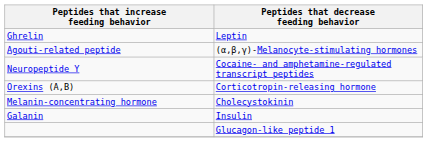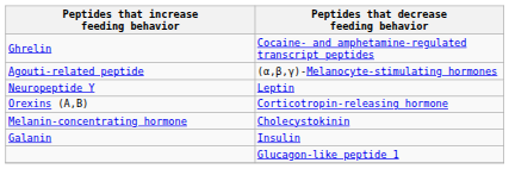 <table class="wikitable sortable" style="width:40%; float:right; margin-left:15px">
 <tr>
 <th scope="col" style="width:50%">Peptides that increase<br>feeding behavior</th>
 <th scope="col" style="width:50%">Peptides that decrease<br>feeding behavior</th>
 </tr>
 <tr>
 <td><a href='#'>Ghrelin</a></td>
-<td><a href='#'>Leptin</a></td>
+<td><a href='#'>Cocaine- and amphetamine-regulated transcript peptides</a></td>
 </tr>
 <tr>
 <td><a href='#'>Agouti-related peptide</a></td>
 <td>(α,β,γ)-<a href='#'>Melanocyte-stimulating hormones</a></td>
 </tr>
 <tr>
 <td><a href='#'>Neuropeptide Y</a></td>
-<td><a href='#'>Cocaine- and amphetamine-regulated transcript peptides</a></td>
+<td><a href='#'>Leptin</a></td>
 </tr>
 <tr>
 <td><a href='#'>Orexins</a> (A,B)</td>
 <td><a href='#'>Corticotropin-releasing hormone</a></td>
 </tr>
 <tr>
 <td><a href='#'>Melanin-concentrating hormone</a></td>
 <td><a href='#'>Cholecystokinin</a></td>
 </tr>
 <tr>
 <td><a href='#'>Galanin</a></td>
 <td><a href='#'>Insulin</a></td>
 </tr>
 <tr>
 <td></td>
 <td><a href='#'>Glucagon-like peptide 1</a></td>
 </tr>
 <tr>
 </tr>
 </table>
